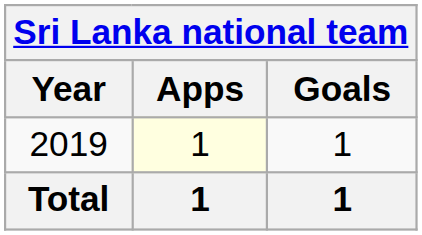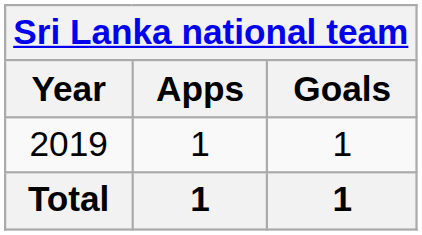 <table class="wikitable" style="text-align:center">
 <tr>
 <th colspan=3><a href='#'>Sri Lanka national team</a></th>
 </tr>
 <tr>
 <th>Year</th>
 <th>Apps</th>
 <th>Goals</th>
 </tr>
 <tr>
 <td>2019</td>
-<td style="background: lightyellow;">1</td>
+<td>1</td>
 <td>1</td>
 </tr>
 <tr>
 <th>Total</th>
 <th>1</th>
 <th>1</th>
 </tr>
 </table>
